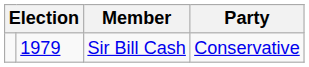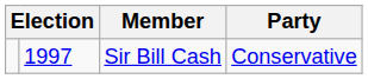 <table class="wikitable">
 <tr>
 <th colspan="2">Election</th>
 <th>Member</th>
 <th>Party</th>
 </tr>
 <tr>
 <td style="color:inherit;background-color: "></td>
-<td><a href='#'>1979</a></td>
+<td><a href='#'>1997</a></td>
 <td><a href='#'>Sir Bill Cash</a></td>
 <td><a href='#'>Conservative</a></td>
 </tr>
 </table>
